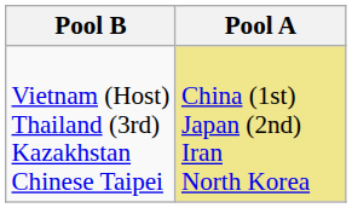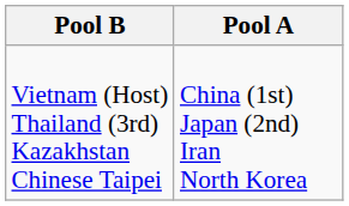 <table class="wikitable">
 <tr>
 <th width=50%>Pool B</th>
 <th width=50%>Pool A</th>
 </tr>
 <tr>
 <td><br> <a href='#'>Vietnam</a> (Host)<br>  <a href='#'>Thailand</a> (3rd)<br>  <a href='#'>Kazakhstan</a><br>  <a href='#'>Chinese Taipei</a></td>
-<td style="background: khaki;"><br> <a href='#'>China</a> (1st)<br>  <a href='#'>Japan</a> (2nd)<br>  <a href='#'>Iran</a><br>  <a href='#'>North Korea</a></td>
+<td><br> <a href='#'>China</a> (1st)<br>  <a href='#'>Japan</a> (2nd)<br>  <a href='#'>Iran</a><br>  <a href='#'>North Korea</a></td>
 </tr>
 </table>
